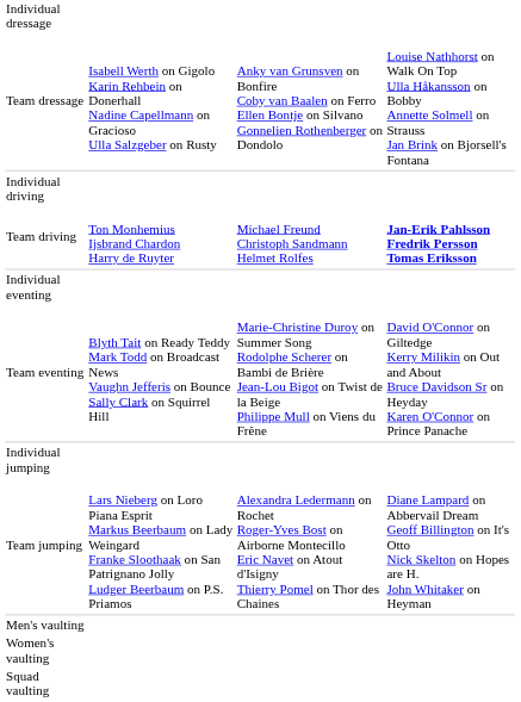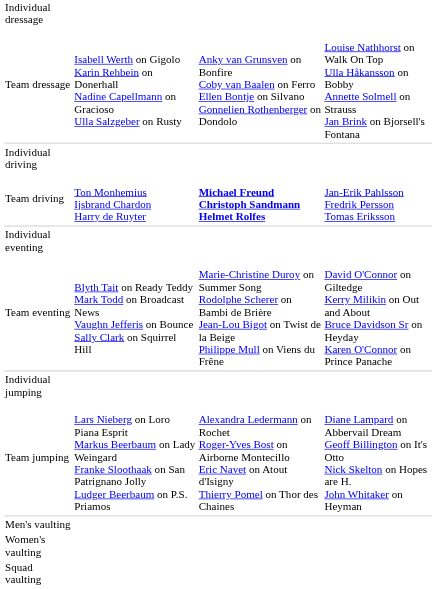 <table>
 <tr>
 <td>Individual dressage<br></td>
 <td></td>
 <td></td>
 <td></td>
 </tr>
 <tr>
 <td>Team dressage<br></td>
 <td><br><a href='#'>Isabell Werth</a> on Gigolo<br><a href='#'>Karin Rehbein</a> on Donerhall<br><a href='#'>Nadine Capellmann</a> on Gracioso<br><a href='#'>Ulla Salzgeber</a> on Rusty</td>
 <td><br><a href='#'>Anky van Grunsven</a> on Bonfire<br><a href='#'>Coby van Baalen</a> on Ferro<br><a href='#'>Ellen Bontje</a> on Silvano<br><a href='#'>Gonnelien Rothenberger</a> on Dondolo</td>
 <td><br><a href='#'>Louise Nathhorst</a> on Walk On Top<br><a href='#'>Ulla Håkansson</a> on Bobby<br><a href='#'>Annette Solmell</a> on Strauss<br><a href='#'>Jan Brink</a> on Bjorsell's Fontana</td>
 </tr>
 <tr bgcolor=#DDDDDD>
 <td colspan=7></td>
 </tr>
 <tr>
 <td>Individual driving<br></td>
 <td></td>
 <td></td>
 <td></td>
 </tr>
 <tr>
 <td>Team driving<br></td>
 <td><br><a href='#'>Ton Monhemius</a><br><a href='#'>Ijsbrand Chardon</a><br><a href='#'>Harry de Ruyter</a></td>
-<td><br><a href='#'>Michael Freund</a><br><a href='#'>Christoph Sandmann</a><br><a href='#'>Helmet Rolfes</a></td>
-<td><strong><br><a href='#'>Jan-Erik Pahlsson</a><br><a href='#'>Fredrik Persson</a><br><a href='#'>Tomas Eriksson</a></strong></td>
+<td><strong><br><a href='#'>Michael Freund</a><br><a href='#'>Christoph Sandmann</a><br><a href='#'>Helmet Rolfes</a></strong></td>
+<td><br><a href='#'>Jan-Erik Pahlsson</a><br><a href='#'>Fredrik Persson</a><br><a href='#'>Tomas Eriksson</a></td>
 </tr>
 <tr bgcolor=#DDDDDD>
 <td colspan=7></td>
 </tr>
 <tr>
 <td>Individual eventing<br></td>
 <td></td>
 <td></td>
 <td></td>
 </tr>
 <tr>
 <td>Team eventing<br></td>
 <td><br><a href='#'>Blyth Tait</a> on Ready Teddy<br><a href='#'>Mark Todd</a> on Broadcast News<br><a href='#'>Vaughn Jefferis</a> on Bounce<br><a href='#'>Sally Clark</a> on Squirrel Hill</td>
 <td><br><a href='#'>Marie-Christine Duroy</a> on Summer Song<br><a href='#'>Rodolphe Scherer</a> on Bambi de Brière<br><a href='#'>Jean-Lou Bigot</a> on Twist de la Beige<br><a href='#'>Philippe Mull</a> on Viens du Frêne</td>
 <td><br><a href='#'>David O'Connor</a> on Giltedge<br><a href='#'>Kerry Milikin</a> on Out and About<br><a href='#'>Bruce Davidson Sr</a> on Heyday<br><a href='#'>Karen O'Connor</a> on Prince Panache</td>
 </tr>
 <tr bgcolor=#DDDDDD>
 <td colspan=7></td>
 </tr>
 <tr>
 <td>Individual jumping<br></td>
 <td></td>
 <td></td>
 <td></td>
 </tr>
 <tr>
 <td>Team jumping<br></td>
 <td><br><a href='#'>Lars Nieberg</a> on Loro Piana Esprit<br><a href='#'>Markus Beerbaum</a> on Lady Weingard<br><a href='#'>Franke Sloothaak</a> on San Patrignano Jolly<br><a href='#'>Ludger Beerbaum</a> on P.S. Priamos</td>
 <td><br><a href='#'>Alexandra Ledermann</a> on Rochet<br><a href='#'>Roger-Yves Bost</a> on Airborne Montecillo<br><a href='#'>Eric Navet</a> on Atout d'Isigny<br><a href='#'>Thierry Pomel</a> on Thor des Chaines</td>
 <td><br><a href='#'>Diane Lampard</a> on Abbervail Dream<br><a href='#'>Geoff Billington</a> on It's Otto<br><a href='#'>Nick Skelton</a> on Hopes are H.<br><a href='#'>John Whitaker</a> on Heyman</td>
 </tr>
 <tr bgcolor=#DDDDDD>
 <td colspan=7></td>
 </tr>
 <tr>
 <td>Men's vaulting<br></td>
 <td></td>
 <td></td>
 <td></td>
 </tr>
 <tr>
 <td>Women's vaulting<br></td>
 <td></td>
 <td></td>
 <td></td>
 </tr>
 <tr>
 <td>Squad vaulting<br></td>
 <td></td>
 <td></td>
 <td></td>
 </tr>
 </table>
